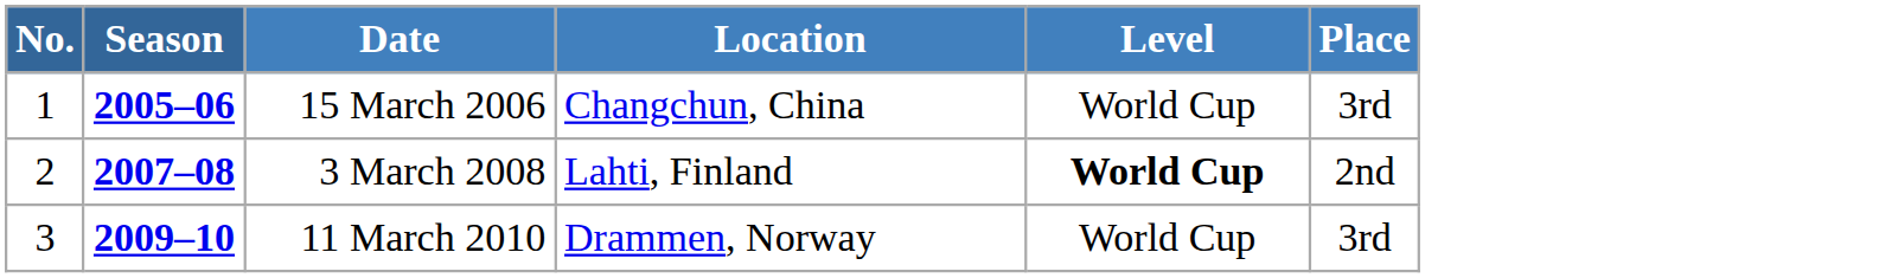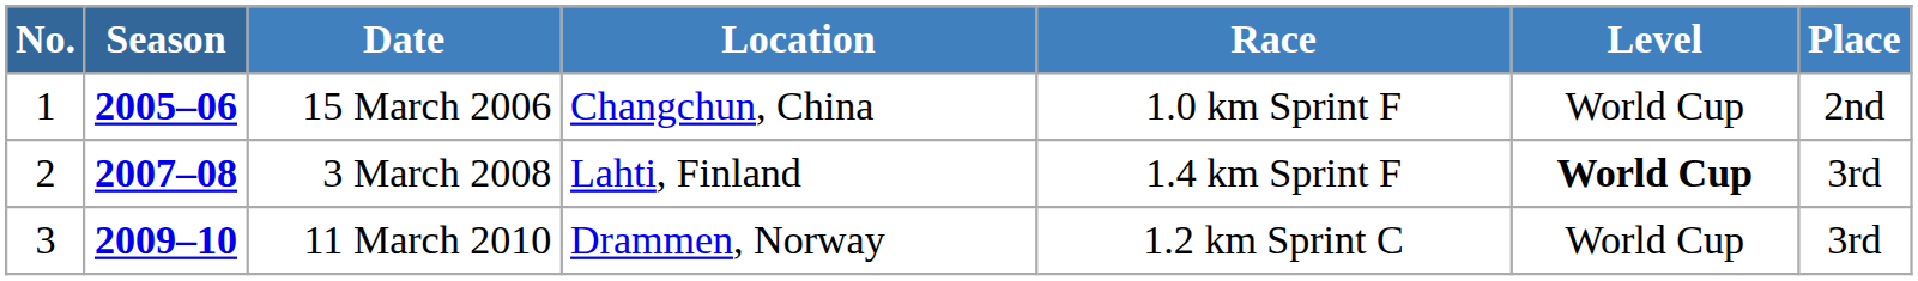 <table class="wikitable sortable" style="font-size:95%; text-align:center; border:grey solid 1px; border-collapse:collapse; background:#ffffff;">
 <tr style="background:#efefef;">
 <th style="background-color:#369; color:white;">No.</th>
 <th style="background-color:#369; color:white;">Season</th>
 <th style="background-color:#4180be; color:white; width:110px;">Date</th>
 <th style="background-color:#4180be; color:white; width:170px;">Location</th>
+<th style="background-color:#4180be; color:white; width:170px;">Race</th>
 <th style="background-color:#4180be; color:white; width:100px;">Level</th>
 <th style="background-color:#4180be; color:white;">Place</th>
 </tr>
 <tr>
 <td align=center>1</td>
 <td rowspan=1 align=center><strong><a href='#'>2005–06</a></strong></td>
 <td align=right>15 March 2006</td>
 <td align=left>  <a href='#'>Changchun</a>, China</td>
+<td>1.0 km Sprint F</td>
 <td>World Cup</td>
-<td>3rd</td>
+<td>2nd</td>
 </tr>
 <tr>
 <td align=center>2</td>
 <td rowspan=1 align=center><strong><a href='#'>2007–08</a></strong></td>
 <td align=right>3 March 2008</td>
 <td align=left>  <a href='#'>Lahti</a>, Finland</td>
+<td>1.4 km Sprint F</td>
 <td><strong>World Cup</strong></td>
-<td>2nd</td>
+<td>3rd</td>
 </tr>
 <tr>
 <td align=center>3</td>
 <td rowspan=1 align=center><strong><a href='#'>2009–10</a></strong></td>
 <td align=right>11 March 2010</td>
 <td align=left>  <a href='#'>Drammen</a>, Norway</td>
+<td>1.2 km Sprint C</td>
 <td>World Cup</td>
 <td>3rd</td>
 </tr>
 </table>
